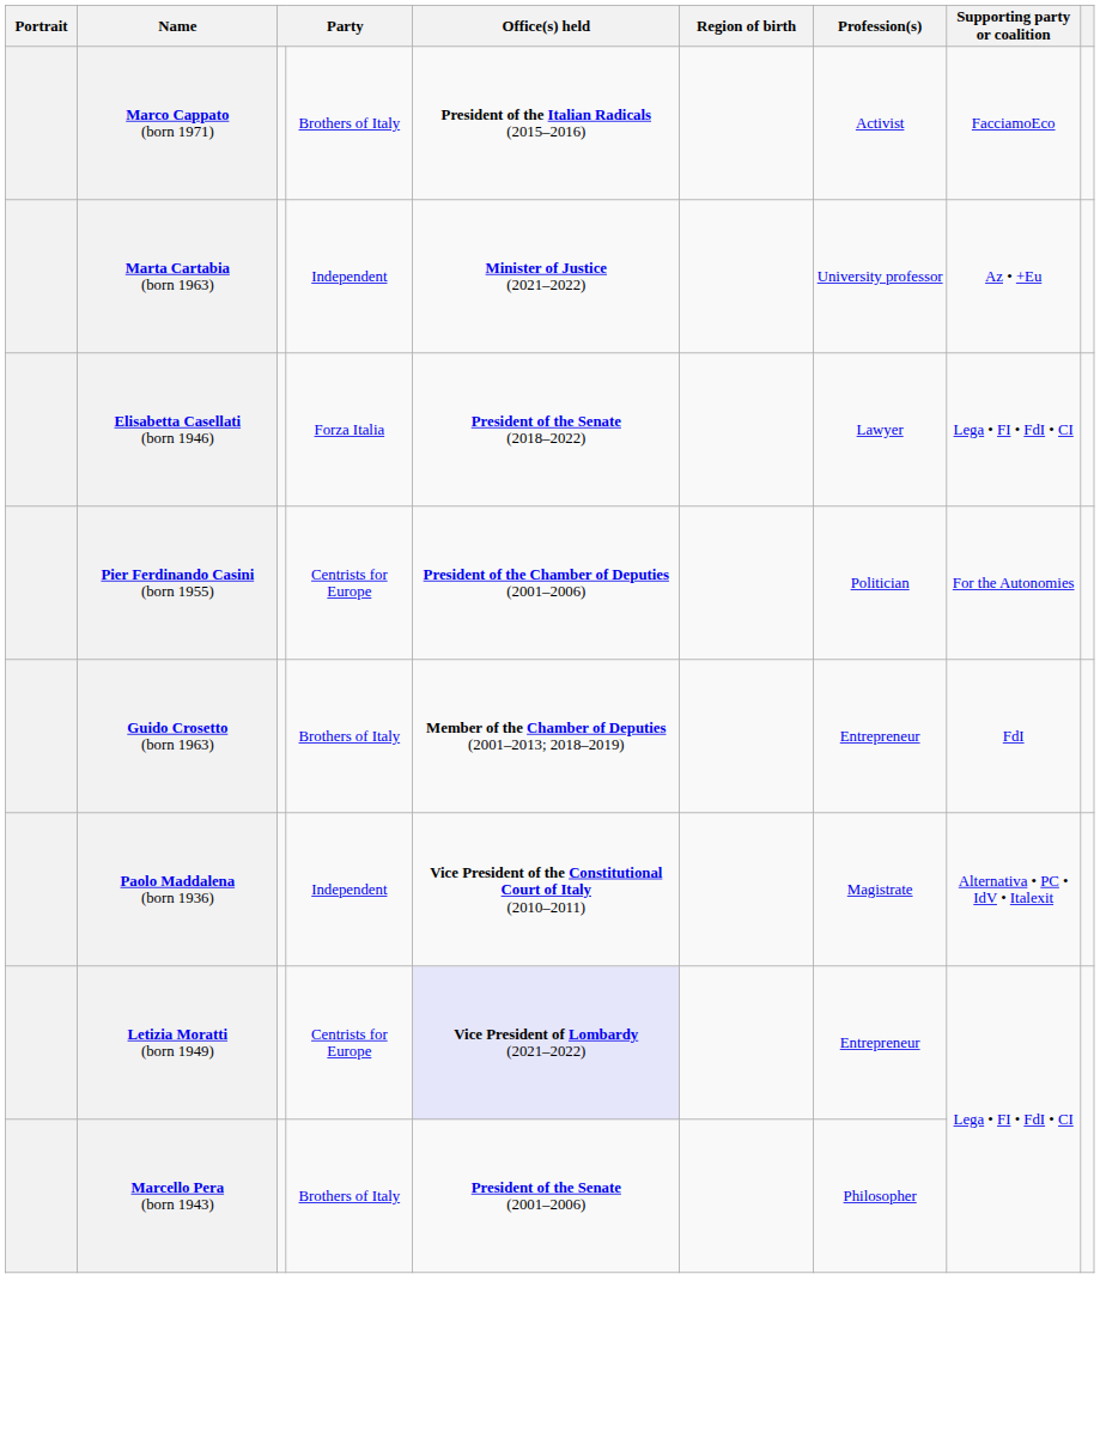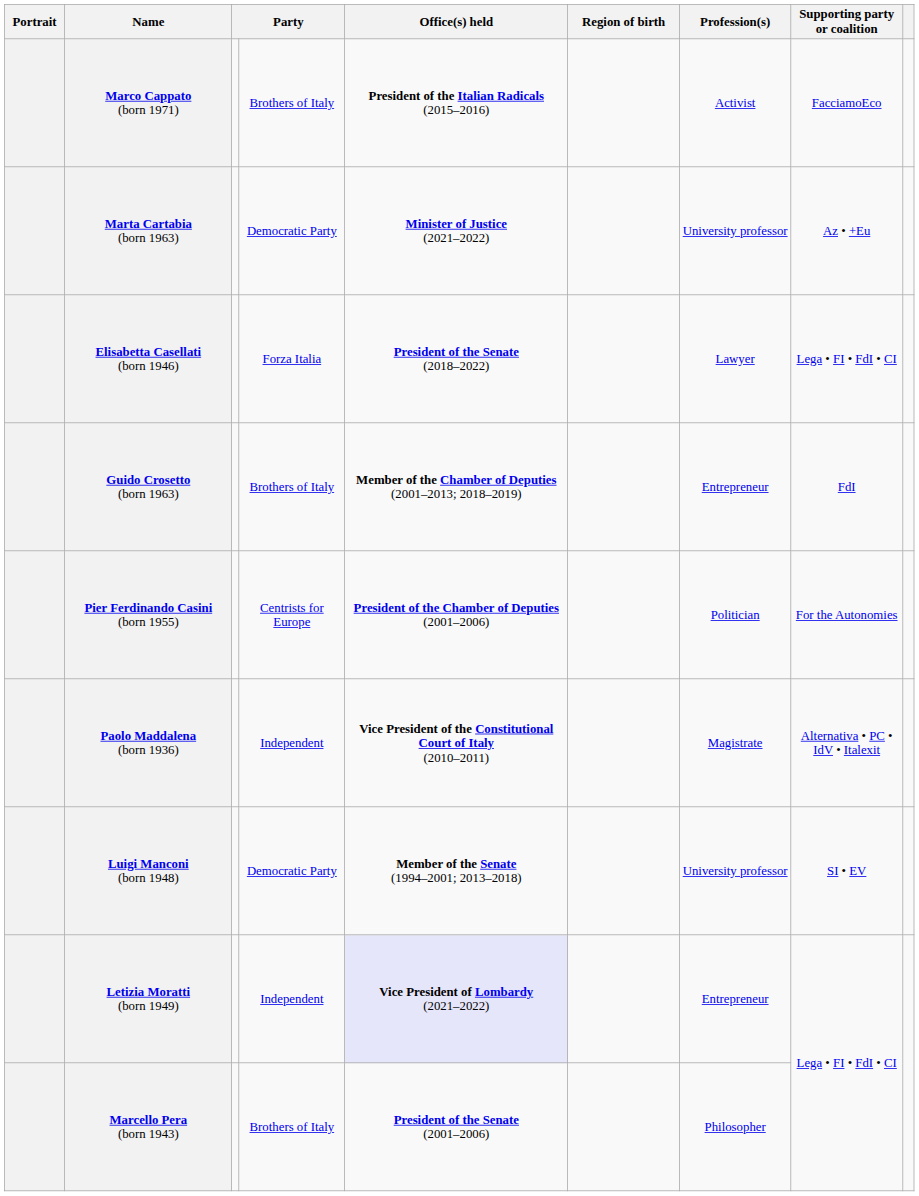 <table class="wikitable" style="text-align:center; style=" width="90%">
 <tr>
 <th width="5%">Portrait</th>
 <th width="15%">Name</th>
 <th colspan="2" width=10%>Party</th>
 <th width="20%">Office(s) held</th>
 <th width="10%">Region of birth</th>
 <th width="10%">Profession(s)</th>
 <th width="10%">Supporting party or coalition</th>
 <th width="1%"></th>
 </tr>
 <tr style="height:10em;">
 <th></th>
 <th style="font-weight:normal"><strong><a href='#'>Marco Cappato</a></strong><br>(born 1971)</th>
 <td style="background-color:"></td>
 <td><a href='#'>Brothers of Italy</a></td>
 <td><strong>President of the <a href='#'>Italian Radicals</a></strong><br>(2015–2016)<br></td>
 <td></td>
 <td><a href='#'>Activist</a></td>
 <td><a href='#'>FacciamoEco</a></td>
 <td></td>
 </tr>
 <tr style="height:10em;">
 <th></th>
 <th style="font-weight:normal"><strong><a href='#'>Marta Cartabia</a></strong><br>(born 1963)</th>
 <td style="background-color:"></td>
-<td><a href='#'>Independent</a></td>
+<td><a href='#'>Democratic Party</a></td>
 <td><strong><a href='#'>Minister of Justice</a></strong><br>(2021–2022)<br></td>
 <td></td>
 <td><a href='#'>University professor</a></td>
 <td><a href='#'>Az</a> • <a href='#'>+Eu</a></td>
 <td></td>
 </tr>
 <tr style="height:10em;">
 <th></th>
 <th style="font-weight:normal"><strong><a href='#'>Elisabetta Casellati</a></strong><br>(born 1946)</th>
 <td style="background-color:"></td>
 <td><a href='#'>Forza Italia</a></td>
 <td><strong><a href='#'>President of the Senate</a></strong><br>(2018–2022)<br></td>
 <td></td>
 <td><a href='#'>Lawyer</a></td>
 <td><a href='#'>Lega</a> • <a href='#'>FI</a> • <a href='#'>FdI</a> • <a href='#'>CI</a></td>
 <td></td>
 </tr>
 <tr style="height:10em;">
 <th></th>
+<th style="font-weight:normal"><strong><a href='#'>Guido Crosetto</a></strong><br>(born 1963)</th>
+<td style="background-color:"></td>
+<td><a href='#'>Brothers of Italy</a></td>
+<td><strong>Member of the <a href='#'>Chamber of Deputies</a></strong><br>(2001–2013; 2018–2019)<br></td>
+<td></td>
+<td><a href='#'>Entrepreneur</a></td>
+<td><a href='#'>FdI</a></td>
+<td></td>
+</tr>
+<tr style="height:10em;">
+<th></th>
 <th style="font-weight:normal"><strong><a href='#'>Pier Ferdinando Casini</a></strong><br>(born 1955)</th>
 <td style="background-color:"></td>
 <td><a href='#'>Centrists for Europe</a></td>
 <td><strong><a href='#'>President of the Chamber of Deputies</a></strong><br>(2001–2006)<br></td>
 <td></td>
 <td><a href='#'>Politician</a></td>
 <td><a href='#'>For the Autonomies</a></td>
-<td></td>
-</tr>
-<tr style="height:10em;">
-<th></th>
-<th style="font-weight:normal"><strong><a href='#'>Guido Crosetto</a></strong><br>(born 1963)</th>
-<td style="background-color:"></td>
-<td><a href='#'>Brothers of Italy</a></td>
-<td><strong>Member of the <a href='#'>Chamber of Deputies</a></strong><br>(2001–2013; 2018–2019)<br></td>
-<td></td>
-<td><a href='#'>Entrepreneur</a></td>
-<td><a href='#'>FdI</a></td>
 <td></td>
 </tr>
 <tr style="height:10em;">
 <th></th>
 <th style="font-weight:normal"><strong><a href='#'>Paolo Maddalena</a></strong><br>(born 1936)</th>
 <td style="background-color:"></td>
 <td><a href='#'>Independent</a></td>
 <td><strong>Vice President of the <a href='#'>Constitutional Court of Italy</a></strong><br>(2010–2011)<br></td>
 <td></td>
 <td><a href='#'>Magistrate</a></td>
 <td><a href='#'>Alternativa</a> • <a href='#'>PC</a> • <a href='#'>IdV</a> • <a href='#'>Italexit</a></td>
 <td><br></td>
 </tr>
 <tr style="height:10em;">
 <th></th>
+<th style="font-weight:normal"><strong><a href='#'>Luigi Manconi</a></strong><br>(born 1948)</th>
+<td style="background-color:"></td>
+<td><a href='#'>Democratic Party</a></td>
+<td><strong>Member of the <a href='#'>Senate</a></strong><br>(1994–2001; 2013–2018)<br></td>
+<td></td>
+<td><a href='#'>University professor</a></td>
+<td><a href='#'>SI</a> • <a href='#'>EV</a></td>
+<td><br></td>
+</tr>
+<tr style="height:10em;">
+<th></th>
 <th style="font-weight:normal"><strong><a href='#'>Letizia Moratti</a></strong><br>(born 1949)</th>
 <td style="background-color:"></td>
-<td><a href='#'>Centrists for Europe</a></td>
+<td><a href='#'>Independent</a></td>
 <td style="background: lavender;"><strong>Vice President of <a href='#'>Lombardy</a></strong><br>(2021–2022)<br></td>
 <td></td>
 <td><a href='#'>Entrepreneur</a></td>
 <td rowspan=2><a href='#'>Lega</a> • <a href='#'>FI</a> • <a href='#'>FdI</a> • <a href='#'>CI</a></td>
 <td rowspan=2></td>
 </tr>
 <tr style="height:10em;">
 <th></th>
 <th style="font-weight:normal"><strong><a href='#'>Marcello Pera</a></strong><br>(born 1943)</th>
 <td style="background-color:"></td>
 <td><a href='#'>Brothers of Italy</a></td>
 <td><strong><a href='#'>President of the Senate</a></strong><br>(2001–2006)<br></td>
 <td></td>
 <td><a href='#'>Philosopher</a></td>
 </tr>
 </table>
